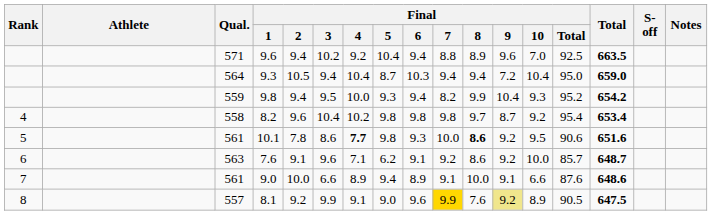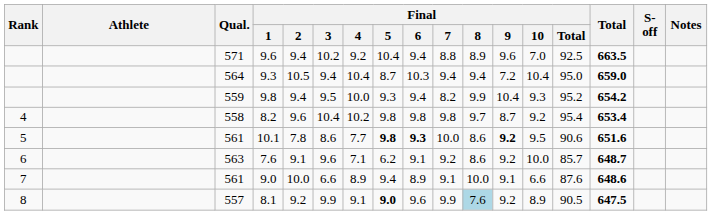 <table class="wikitable" style="text-align:center">
 <tr>
 <th rowspan=2 width=40>Rank</th>
 <th rowspan=2 width=250>Athlete</th>
 <th rowspan=2 width=40>Qual.</th>
 <th colspan=11>Final</th>
 <th rowspan=2 width=50>Total</th>
 <th rowspan=2 width=35>S-off</th>
 <th rowspan=2 width=45>Notes</th>
 </tr>
 <tr>
 <th width=30>1</th>
 <th width=30>2</th>
 <th width=30>3</th>
 <th width=30>4</th>
 <th width=30>5</th>
 <th width=30>6</th>
 <th width=30>7</th>
 <th width=30>8</th>
 <th width=30>9</th>
 <th width=30>10</th>
 <th width=40>Total</th>
 </tr>
 <tr>
 <td></td>
 <td align=left></td>
 <td>571</td>
 <td>9.6</td>
 <td>9.4</td>
 <td>10.2</td>
 <td>9.2</td>
 <td>10.4</td>
 <td>9.4</td>
 <td>8.8</td>
 <td>8.9</td>
 <td>9.6</td>
 <td>7.0</td>
 <td>92.5</td>
 <td><strong>663.5</strong></td>
 <td></td>
 <td></td>
 </tr>
 <tr>
 <td></td>
 <td align=left></td>
 <td>564</td>
 <td>9.3</td>
 <td>10.5</td>
 <td>9.4</td>
 <td>10.4</td>
 <td>8.7</td>
 <td>10.3</td>
 <td>9.4</td>
 <td>9.4</td>
 <td>7.2</td>
 <td>10.4</td>
 <td>95.0</td>
 <td><strong>659.0</strong></td>
 <td></td>
 <td></td>
 </tr>
 <tr>
 <td></td>
 <td align=left></td>
 <td>559</td>
 <td>9.8</td>
 <td>9.4</td>
 <td>9.5</td>
 <td>10.0</td>
 <td>9.3</td>
 <td>9.4</td>
 <td>8.2</td>
 <td>9.9</td>
 <td>10.4</td>
 <td>9.3</td>
 <td>95.2</td>
 <td><strong>654.2</strong></td>
 <td></td>
 <td></td>
 </tr>
 <tr>
 <td>4</td>
 <td align=left></td>
 <td>558</td>
 <td>8.2</td>
 <td>9.6</td>
 <td>10.4</td>
 <td>10.2</td>
 <td>9.8</td>
 <td>9.8</td>
 <td>9.8</td>
 <td>9.7</td>
 <td>8.7</td>
 <td>9.2</td>
 <td>95.4</td>
 <td><strong>653.4</strong></td>
 <td></td>
 <td></td>
 </tr>
 <tr>
 <td>5</td>
 <td align=left></td>
 <td>561</td>
 <td>10.1</td>
 <td>7.8</td>
 <td>8.6</td>
-<td><strong>7.7</strong></td>
-<td>9.8</td>
-<td>9.3</td>
+<td>7.7</td>
+<td><strong>9.8</strong></td>
+<td><strong>9.3</strong></td>
 <td>10.0</td>
-<td><strong>8.6</strong></td>
-<td>9.2</td>
+<td>8.6</td>
+<td><strong>9.2</strong></td>
 <td>9.5</td>
 <td>90.6</td>
 <td><strong>651.6</strong></td>
 <td></td>
 <td></td>
 </tr>
 <tr>
 <td>6</td>
 <td align=left></td>
 <td>563</td>
 <td>7.6</td>
 <td>9.1</td>
 <td>9.6</td>
 <td>7.1</td>
 <td>6.2</td>
 <td>9.1</td>
 <td>9.2</td>
 <td>8.6</td>
 <td>9.2</td>
 <td>10.0</td>
 <td>85.7</td>
 <td><strong>648.7</strong></td>
 <td></td>
 <td></td>
 </tr>
 <tr>
 <td>7</td>
 <td align=left></td>
 <td>561</td>
 <td>9.0</td>
 <td>10.0</td>
 <td>6.6</td>
 <td>8.9</td>
 <td>9.4</td>
 <td>8.9</td>
 <td>9.1</td>
 <td>10.0</td>
 <td>9.1</td>
 <td>6.6</td>
 <td>87.6</td>
 <td><strong>648.6</strong></td>
 <td></td>
 <td></td>
 </tr>
 <tr>
 <td>8</td>
 <td align=left></td>
 <td>557</td>
 <td>8.1</td>
 <td>9.2</td>
 <td>9.9</td>
 <td>9.1</td>
-<td>9.0</td>
+<td><strong>9.0</strong></td>
 <td>9.6</td>
-<td style="background: gold;">9.9</td>
-<td>7.6</td>
-<td style="background: khaki;">9.2</td>
+<td>9.9</td>
+<td style="background: lightblue;">7.6</td>
+<td>9.2</td>
 <td>8.9</td>
 <td>90.5</td>
 <td><strong>647.5</strong></td>
 <td></td>
 <td></td>
 </tr>
 </table>
